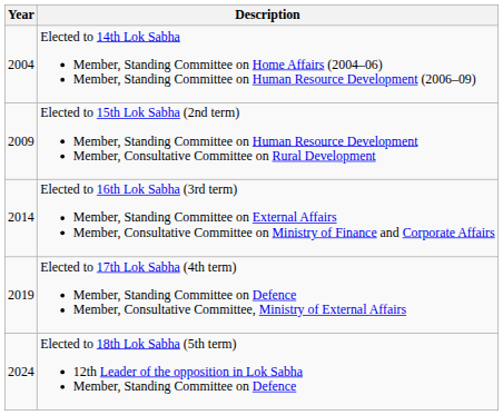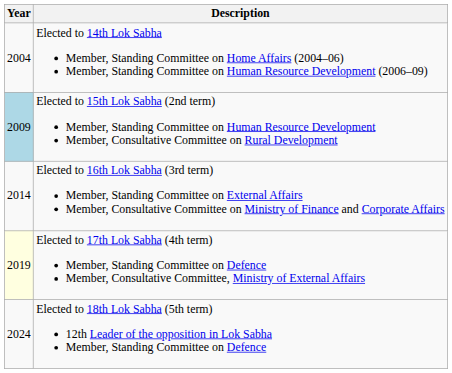 <table class="wikitable">
 <tr>
 <th>Year</th>
 <th>Description</th>
 </tr>
 <tr>
 <td>2004</td>
 <td>Elected to <a href='#'>14th Lok Sabha</a><br><ul><li>Member, Standing Committee on <a href='#'>Home Affairs</a> (2004–06)</li><li>Member, Standing Committee on <a href='#'>Human Resource Development</a> (2006–09)</li></ul></td>
 </tr>
 <tr>
-<td>2009</td>
+<td style="background: lightblue;">2009</td>
 <td>Elected to <a href='#'>15th Lok Sabha</a> (2nd term)<br><ul><li>Member, Standing Committee on <a href='#'>Human Resource Development</a></li><li>Member, Consultative Committee on <a href='#'>Rural Development</a></li></ul></td>
 </tr>
 <tr>
 <td>2014</td>
 <td>Elected to <a href='#'>16th Lok Sabha</a> (3rd term)<br><ul><li>Member, Standing Committee on <a href='#'>External Affairs</a></li><li>Member, Consultative Committee on <a href='#'>Ministry of Finance</a> and <a href='#'>Corporate Affairs</a></li></ul></td>
 </tr>
 <tr>
-<td>2019</td>
+<td style="background: lightyellow;">2019</td>
 <td>Elected to <a href='#'>17th Lok Sabha</a> (4th term)<br><ul><li>Member, Standing Committee on <a href='#'>Defence</a></li><li>Member, Consultative Committee, <a href='#'>Ministry of External Affairs</a></li></ul></td>
 </tr>
 <tr>
 <td>2024</td>
 <td>Elected to <a href='#'>18th Lok Sabha</a> (5th term)<br><ul><li>12th <a href='#'>Leader of the opposition in Lok Sabha</a></li><li>Member, Standing Committee on <a href='#'>Defence</a></li></ul></td>
 </tr>
 </table>
